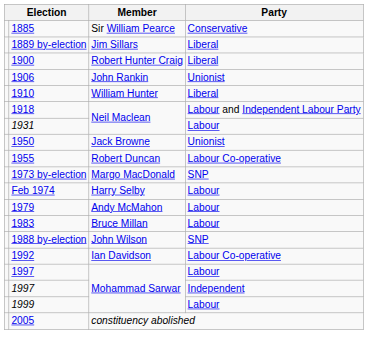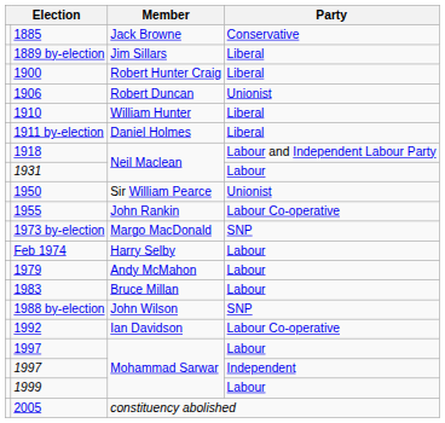 <table class="wikitable">
 <tr>
 <th colspan="2">Election</th>
 <th>Member</th>
 <th>Party</th>
 </tr>
 <tr>
 <td style="color:inherit;background-color: "></td>
 <td><a href='#'>1885</a></td>
-<td>Sir <a href='#'>William Pearce</a></td>
+<td><a href='#'>Jack Browne</a></td>
 <td><a href='#'>Conservative</a></td>
 </tr>
 <tr>
 <td style="color:inherit;background-color: "></td>
 <td><a href='#'>1889 by-election</a></td>
 <td><a href='#'>Jim Sillars</a></td>
 <td><a href='#'>Liberal</a></td>
 </tr>
 <tr>
 <td style="color:inherit;background-color: "></td>
 <td><a href='#'>1900</a></td>
 <td><a href='#'>Robert Hunter Craig</a></td>
 <td><a href='#'>Liberal</a></td>
 </tr>
 <tr>
 <td style="color:inherit;background-color: "></td>
 <td><a href='#'>1906</a></td>
-<td><a href='#'>John Rankin</a></td>
+<td><a href='#'>Robert Duncan</a></td>
 <td><a href='#'>Unionist</a></td>
 </tr>
 <tr>
 <td style="color:inherit;background-color: "></td>
 <td><a href='#'>1910</a></td>
 <td><a href='#'>William Hunter</a></td>
+<td><a href='#'>Liberal</a></td>
+</tr>
+<tr>
+<td style="color:inherit;background-color: "></td>
+<td><a href='#'>1911 by-election</a></td>
+<td><a href='#'>Daniel Holmes</a></td>
 <td><a href='#'>Liberal</a></td>
 </tr>
 <tr>
 <td style="color:inherit;background-color: "></td>
 <td><a href='#'>1918</a></td>
 <td rowspan="2"><a href='#'>Neil Maclean</a></td>
 <td><a href='#'>Labour</a> and <a href='#'>Independent Labour Party</a></td>
 </tr>
 <tr>
 <td style="color:inherit;background-color: "></td>
 <td><em>1931</em></td>
 <td><a href='#'>Labour</a></td>
 </tr>
 <tr>
 <td style="color:inherit;background-color: "></td>
 <td><a href='#'>1950</a></td>
-<td><a href='#'>Jack Browne</a></td>
+<td>Sir <a href='#'>William Pearce</a></td>
 <td><a href='#'>Unionist</a></td>
 </tr>
 <tr>
 <td style="color:inherit;background-color: "></td>
 <td><a href='#'>1955</a></td>
-<td><a href='#'>Robert Duncan</a></td>
+<td><a href='#'>John Rankin</a></td>
 <td><a href='#'>Labour Co-operative</a></td>
 </tr>
 <tr>
 <td style="color:inherit;background-color: "></td>
 <td><a href='#'>1973 by-election</a></td>
 <td><a href='#'>Margo MacDonald</a></td>
 <td><a href='#'>SNP</a></td>
 </tr>
 <tr>
 <td style="color:inherit;background-color: "></td>
 <td><a href='#'>Feb 1974</a></td>
 <td><a href='#'>Harry Selby</a></td>
 <td><a href='#'>Labour</a></td>
 </tr>
 <tr>
 <td style="color:inherit;background-color: "></td>
 <td><a href='#'>1979</a></td>
 <td><a href='#'>Andy McMahon</a></td>
 <td><a href='#'>Labour</a></td>
 </tr>
 <tr>
 <td style="color:inherit;background-color: "></td>
 <td><a href='#'>1983</a></td>
 <td><a href='#'>Bruce Millan</a></td>
 <td><a href='#'>Labour</a></td>
 </tr>
 <tr>
 <td style="color:inherit;background-color: "></td>
 <td><a href='#'>1988 by-election</a></td>
 <td><a href='#'>John Wilson</a></td>
 <td><a href='#'>SNP</a></td>
 </tr>
 <tr>
 <td style="color:inherit;background-color: "></td>
 <td><a href='#'>1992</a></td>
 <td><a href='#'>Ian Davidson</a></td>
 <td><a href='#'>Labour Co-operative</a></td>
 </tr>
 <tr>
 <td style="color:inherit;background-color: "></td>
 <td><a href='#'>1997</a></td>
 <td rowspan=3><a href='#'>Mohammad Sarwar</a></td>
 <td><a href='#'>Labour</a></td>
 </tr>
 <tr>
 <td style="color:inherit;background-color: "></td>
 <td><em>1997</em></td>
 <td><a href='#'>Independent</a></td>
 </tr>
 <tr>
 <td style="color:inherit;background-color: "></td>
 <td><em>1999</em></td>
 <td><a href='#'>Labour</a></td>
 </tr>
 <tr>
 <td></td>
 <td><a href='#'>2005</a></td>
 <td colspan="2"><em>constituency abolished</em></td>
 </tr>
 </table>
